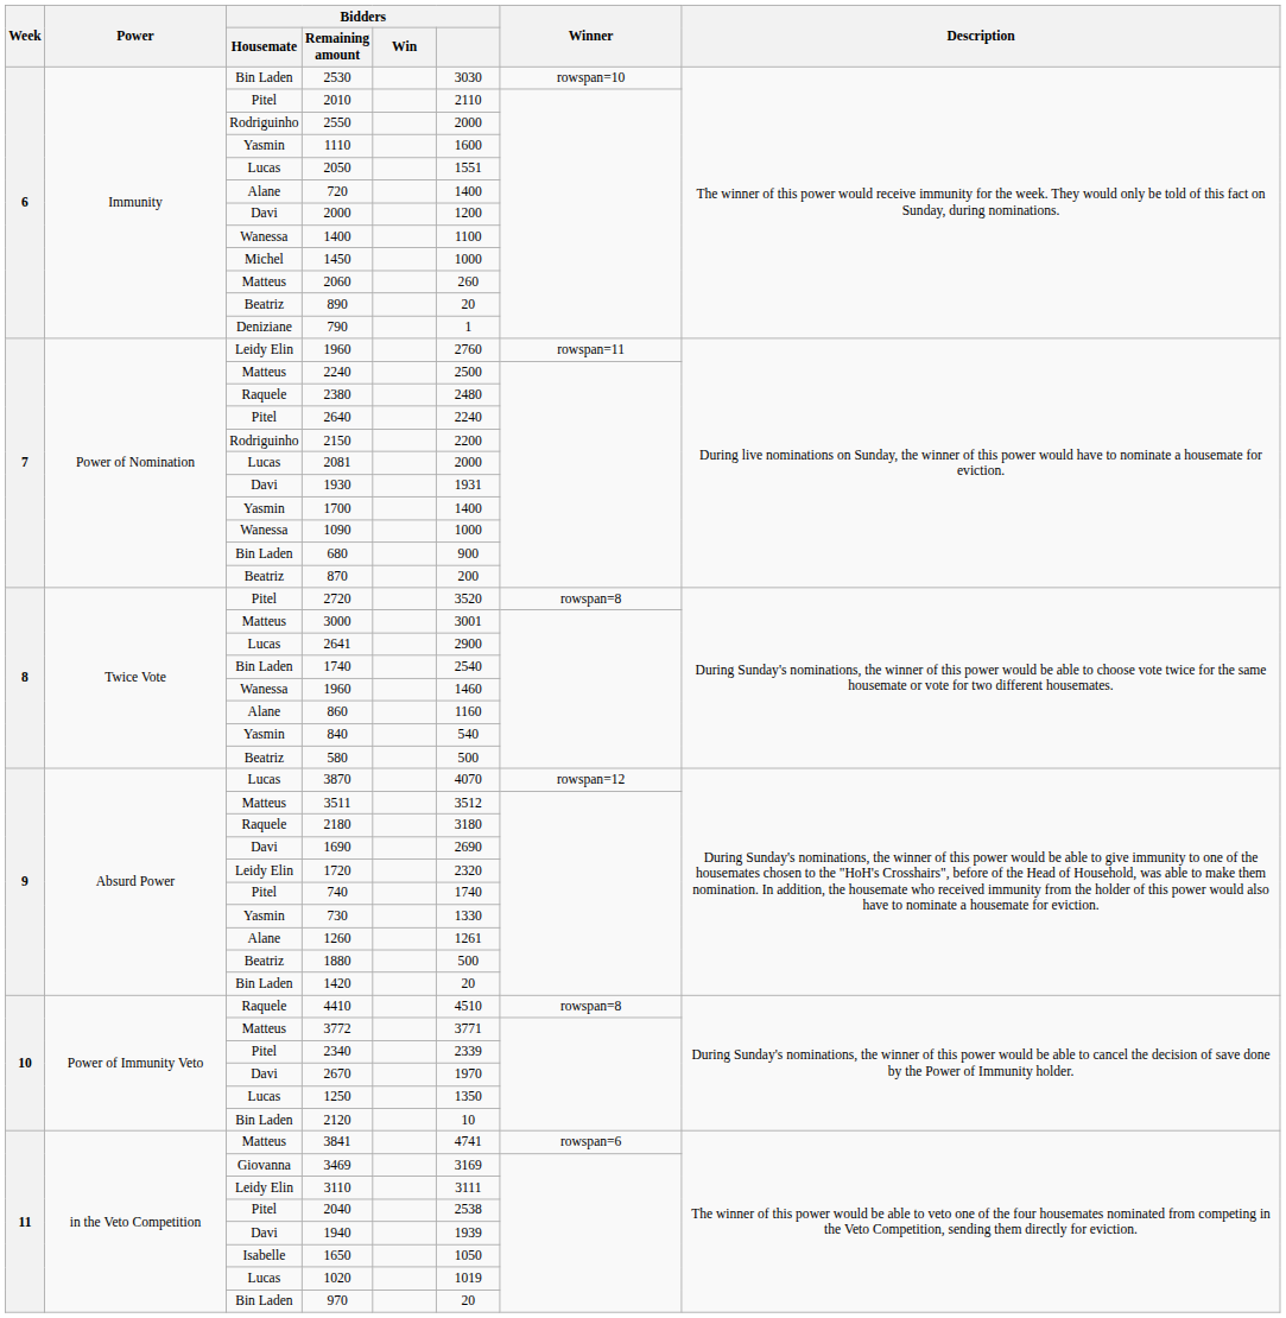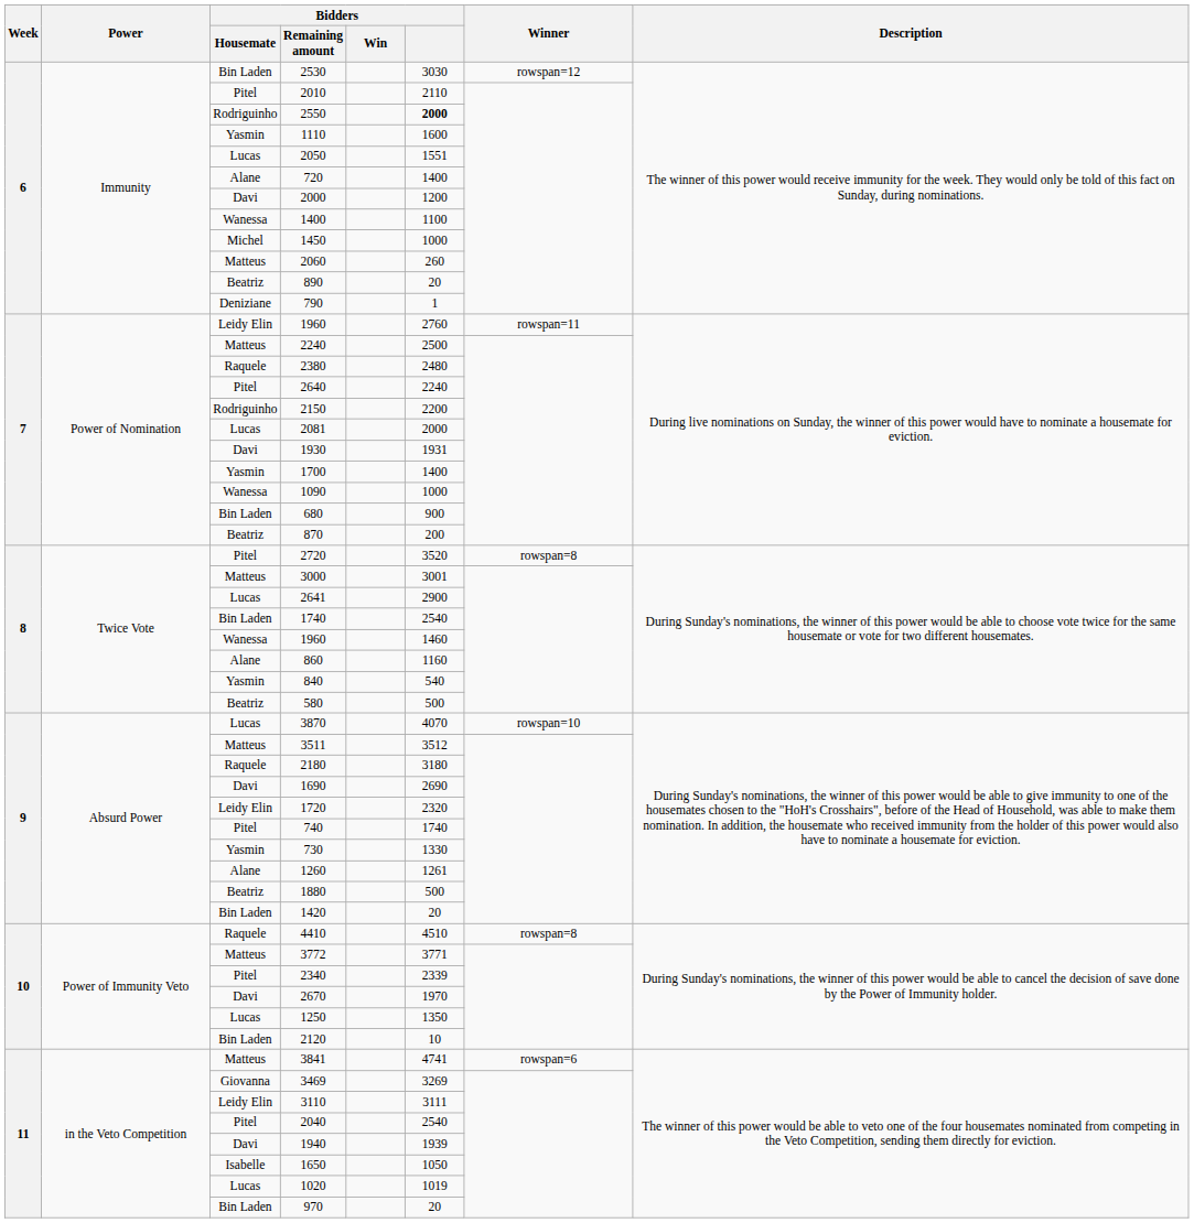 <table class="wikitable" style="text-align:center; font-size:85%; width:100%;">
 <tr>
 <th width="03.00%" rowspan=2>Week</th>
 <th width="14.25%" rowspan=2>Power</th>
 <th width="14.25%" colspan=4>Bidders</th>
 <th width="14.25%" rowspan=2>Winner</th>
 <th rowspan=2>Description</th>
 </tr>
 <tr>
 <th width="05.00%">Housemate</th>
 <th width="05.00%">Remaining amount</th>
 <th width="05.00%"> Win</th>
 <th width="05.00%"></th>
 </tr>
 <tr>
 <th rowspan=12>6</th>
 <td rowspan=12>Immunity</td>
 <td>Bin Laden</td>
 <td>2530</td>
 <td></td>
 <td>3030</td>
-<td>rowspan=10 </td>
+<td>rowspan=12 </td>
 <td rowspan=12>The winner of this power would receive immunity for the week. They would only be told of this fact on Sunday, during nominations.</td>
 </tr>
 <tr>
 <td>Pitel</td>
 <td>2010</td>
 <td></td>
 <td>2110</td>
 </tr>
 <tr>
 <td>Rodriguinho</td>
 <td>2550</td>
 <td></td>
-<td>2000</td>
+<td><strong>2000</strong></td>
 </tr>
 <tr>
 <td>Yasmin</td>
 <td>1110</td>
 <td></td>
 <td>1600</td>
 </tr>
 <tr>
 <td>Lucas</td>
 <td>2050</td>
 <td></td>
 <td>1551</td>
 </tr>
 <tr>
 <td>Alane</td>
 <td>720</td>
 <td></td>
 <td>1400</td>
 </tr>
 <tr>
 <td>Davi</td>
 <td>2000</td>
 <td></td>
 <td>1200</td>
 </tr>
 <tr>
 <td>Wanessa</td>
 <td>1400</td>
 <td></td>
 <td>1100</td>
 </tr>
 <tr>
 <td>Michel</td>
 <td>1450</td>
 <td></td>
 <td>1000</td>
 </tr>
 <tr>
 <td>Matteus</td>
 <td>2060</td>
 <td></td>
 <td>260</td>
 </tr>
 <tr>
 <td>Beatriz</td>
 <td>890</td>
 <td></td>
 <td>20</td>
 </tr>
 <tr>
 <td>Deniziane</td>
 <td>790</td>
 <td></td>
 <td>1</td>
 </tr>
 <tr>
 <th rowspan=11>7</th>
 <td rowspan=11>Power of Nomination</td>
 <td>Leidy Elin</td>
 <td>1960</td>
 <td></td>
 <td>2760</td>
 <td>rowspan=11 </td>
 <td rowspan=11>During live nominations on Sunday, the winner of this power would have to nominate a housemate for eviction.</td>
 </tr>
 <tr>
 <td>Matteus</td>
 <td>2240</td>
 <td></td>
 <td>2500</td>
 </tr>
 <tr>
 <td>Raquele</td>
 <td>2380</td>
 <td></td>
 <td>2480</td>
 </tr>
 <tr>
 <td>Pitel</td>
 <td>2640</td>
 <td></td>
 <td>2240</td>
 </tr>
 <tr>
 <td>Rodriguinho</td>
 <td>2150</td>
 <td></td>
 <td>2200</td>
 </tr>
 <tr>
 <td>Lucas</td>
 <td>2081</td>
 <td></td>
 <td>2000</td>
 </tr>
 <tr>
 <td>Davi</td>
 <td>1930</td>
 <td></td>
 <td>1931</td>
 </tr>
 <tr>
 <td>Yasmin</td>
 <td>1700</td>
 <td></td>
 <td>1400</td>
 </tr>
 <tr>
 <td>Wanessa</td>
 <td>1090</td>
 <td></td>
 <td>1000</td>
 </tr>
 <tr>
 <td>Bin Laden</td>
 <td>680</td>
 <td></td>
 <td>900</td>
 </tr>
 <tr>
 <td>Beatriz</td>
 <td>870</td>
 <td></td>
 <td>200</td>
 </tr>
 <tr>
 <th rowspan=8>8</th>
 <td rowspan=8>Twice Vote</td>
 <td>Pitel</td>
 <td>2720</td>
 <td></td>
 <td>3520</td>
 <td>rowspan=8 </td>
 <td rowspan=8>During Sunday's nominations, the winner of this power would be able to choose vote twice for the same housemate or vote for two different housemates.</td>
 </tr>
 <tr>
 <td>Matteus</td>
 <td>3000</td>
 <td></td>
 <td>3001</td>
 </tr>
 <tr>
 <td>Lucas</td>
 <td>2641</td>
 <td></td>
 <td>2900</td>
 </tr>
 <tr>
 <td>Bin Laden</td>
 <td>1740</td>
 <td></td>
 <td>2540</td>
 </tr>
 <tr>
 <td>Wanessa</td>
 <td>1960</td>
 <td></td>
 <td>1460</td>
 </tr>
 <tr>
 <td>Alane</td>
 <td>860</td>
 <td></td>
 <td>1160</td>
 </tr>
 <tr>
 <td>Yasmin</td>
 <td>840</td>
 <td></td>
 <td>540</td>
 </tr>
 <tr>
 <td>Beatriz</td>
 <td>580</td>
 <td></td>
 <td>500</td>
 </tr>
 <tr>
 <th rowspan=10>9</th>
 <td rowspan=10>Absurd Power</td>
 <td>Lucas</td>
 <td>3870</td>
 <td></td>
 <td>4070</td>
-<td>rowspan=12 </td>
+<td>rowspan=10 </td>
 <td rowspan=10>During Sunday's nominations, the winner of this power would be able to give immunity to one of the housemates chosen to the "HoH's Crosshairs", before of the Head of Household, was able to make them nomination. In addition, the housemate who received immunity from the holder of this power would also have to nominate a housemate for eviction.</td>
 </tr>
 <tr>
 <td>Matteus</td>
 <td>3511</td>
 <td></td>
 <td>3512</td>
 </tr>
 <tr>
 <td>Raquele</td>
 <td>2180</td>
 <td></td>
 <td>3180</td>
 </tr>
 <tr>
 <td>Davi</td>
 <td>1690</td>
 <td></td>
 <td>2690</td>
 </tr>
 <tr>
 <td>Leidy Elin</td>
 <td>1720</td>
 <td></td>
 <td>2320</td>
 </tr>
 <tr>
 <td>Pitel</td>
 <td>740</td>
 <td></td>
 <td>1740</td>
 </tr>
 <tr>
 <td>Yasmin</td>
 <td>730</td>
 <td></td>
 <td>1330</td>
 </tr>
 <tr>
 <td>Alane</td>
 <td>1260</td>
 <td></td>
 <td>1261</td>
 </tr>
 <tr>
 <td>Beatriz</td>
 <td>1880</td>
 <td></td>
 <td>500</td>
 </tr>
 <tr>
 <td>Bin Laden</td>
 <td>1420</td>
 <td></td>
 <td>20</td>
 </tr>
 <tr>
 <th rowspan=6>10</th>
 <td rowspan=6>Power of Immunity Veto</td>
 <td>Raquele</td>
 <td>4410</td>
 <td></td>
 <td>4510</td>
 <td>rowspan=8 </td>
 <td rowspan=6>During Sunday's nominations, the winner of this power would be able to cancel the decision of save done by the Power of Immunity holder.</td>
 </tr>
 <tr>
 <td>Matteus</td>
 <td>3772</td>
 <td></td>
 <td>3771</td>
 </tr>
 <tr>
 <td>Pitel</td>
 <td>2340</td>
 <td></td>
 <td>2339</td>
 </tr>
 <tr>
 <td>Davi</td>
 <td>2670</td>
 <td></td>
 <td>1970</td>
 </tr>
 <tr>
 <td>Lucas</td>
 <td>1250</td>
 <td></td>
 <td>1350</td>
 </tr>
 <tr>
 <td>Bin Laden</td>
 <td>2120</td>
 <td></td>
 <td>10</td>
 </tr>
 <tr>
 <th rowspan=8>11</th>
 <td rowspan=8> in the Veto Competition</td>
 <td>Matteus</td>
 <td>3841</td>
 <td></td>
 <td>4741</td>
 <td>rowspan=6 </td>
 <td rowspan=8>The winner of this power would be able to veto one of the four housemates nominated from competing in the Veto Competition, sending them directly for eviction.</td>
 </tr>
 <tr>
 <td>Giovanna</td>
 <td>3469</td>
 <td></td>
-<td>3169</td>
+<td>3269</td>
 </tr>
 <tr>
 <td>Leidy Elin</td>
 <td>3110</td>
 <td></td>
 <td>3111</td>
 </tr>
 <tr>
 <td>Pitel</td>
 <td>2040</td>
 <td></td>
-<td>2538</td>
+<td>2540</td>
 </tr>
 <tr>
 <td>Davi</td>
 <td>1940</td>
 <td></td>
 <td>1939</td>
 </tr>
 <tr>
 <td>Isabelle</td>
 <td>1650</td>
 <td></td>
 <td>1050</td>
 </tr>
 <tr>
 <td>Lucas</td>
 <td>1020</td>
 <td></td>
 <td>1019</td>
 </tr>
 <tr>
 <td>Bin Laden</td>
 <td>970</td>
 <td></td>
 <td>20</td>
 </tr>
 </table>
